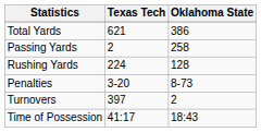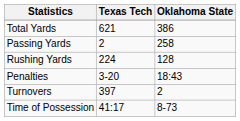 <table class="wikitable">
 <tr>
 <th>Statistics</th>
 <th>Texas Tech</th>
 <th>Oklahoma State</th>
 </tr>
 <tr>
 </tr>
 <tr>
 <td>Total Yards</td>
 <td>621</td>
 <td>386</td>
 </tr>
 <tr>
 <td>Passing Yards</td>
 <td>2</td>
 <td>258</td>
 </tr>
 <tr>
 <td>Rushing Yards</td>
 <td>224</td>
 <td>128</td>
 </tr>
 <tr>
 <td>Penalties</td>
 <td>3-20</td>
-<td>8-73</td>
+<td>18:43</td>
 </tr>
 <tr>
 <td>Turnovers</td>
 <td>397</td>
 <td>2</td>
 </tr>
 <tr>
 <td>Time of Possession</td>
 <td>41:17</td>
-<td>18:43</td>
+<td>8-73</td>
 </tr>
 </table>
